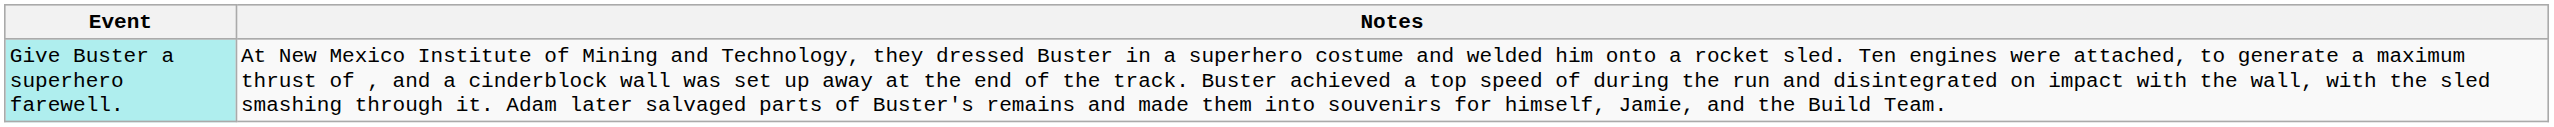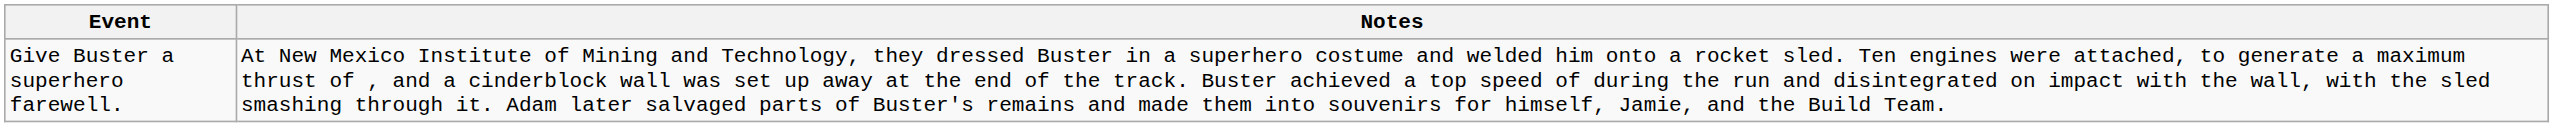 <table class="wikitable plainrowheaders">
 <tr>
 <th scope"col">Event</th>
 <th scope"col">Notes</th>
 </tr>
 <tr>
-<td scope"row" style="background: paleturquoise;">Give Buster a superhero farewell.</td>
+<td scope"row">Give Buster a superhero farewell.</td>
 <td>At New Mexico Institute of Mining and Technology, they dressed Buster in a superhero costume and welded him onto a rocket sled. Ten engines were attached, to generate a maximum thrust of , and a cinderblock wall was set up  away at the end of the track. Buster achieved a top speed of  during the run and disintegrated on impact with the wall, with the sled smashing through it. Adam later salvaged parts of Buster's remains and made them into souvenirs for himself, Jamie, and the Build Team.</td>
 </tr>
 </table>
